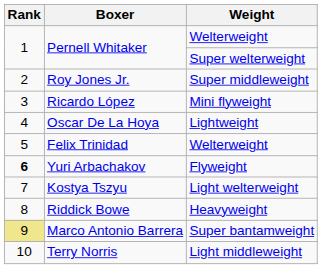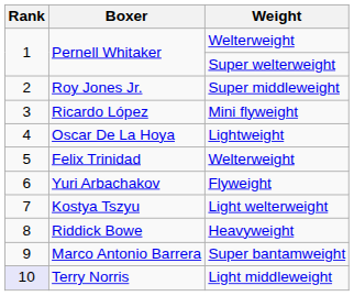 <table class="wikitable ">
 <tr>
 <th>Rank</th>
 <th>Boxer</th>
 <th>Weight</th>
 </tr>
 <tr>
 <td rowspan=2 align=center>1</td>
 <td rowspan=2><a href='#'>Pernell Whitaker</a></td>
 <td><a href='#'>Welterweight</a></td>
 </tr>
 <tr>
 <td><a href='#'>Super welterweight</a></td>
 </tr>
 <tr>
 <td align=center>2</td>
 <td><a href='#'>Roy Jones Jr.</a></td>
 <td><a href='#'>Super middleweight</a></td>
 </tr>
 <tr>
 <td align=center>3</td>
 <td><a href='#'>Ricardo López</a></td>
 <td><a href='#'>Mini flyweight</a></td>
 </tr>
 <tr>
 <td align=center>4</td>
 <td><a href='#'>Oscar De La Hoya</a></td>
 <td><a href='#'>Lightweight</a></td>
 </tr>
 <tr>
 <td align=center>5</td>
 <td><a href='#'>Felix Trinidad</a></td>
 <td><a href='#'>Welterweight</a></td>
 </tr>
 <tr>
-<td align=center><strong>6</strong></td>
+<td align=center>6</td>
 <td><a href='#'>Yuri Arbachakov</a></td>
 <td><a href='#'>Flyweight</a></td>
 </tr>
 <tr>
 <td align=center>7</td>
 <td><a href='#'>Kostya Tszyu</a></td>
 <td><a href='#'>Light welterweight</a></td>
 </tr>
 <tr>
 <td align=center>8</td>
 <td><a href='#'>Riddick Bowe</a></td>
 <td><a href='#'>Heavyweight</a></td>
 </tr>
 <tr>
-<td align=center style="background: khaki;">9</td>
+<td align=center>9</td>
 <td><a href='#'>Marco Antonio Barrera</a></td>
 <td><a href='#'>Super bantamweight</a></td>
 </tr>
 <tr>
-<td align=center>10</td>
+<td align=center style="background: lavender;">10</td>
 <td><a href='#'>Terry Norris</a></td>
 <td><a href='#'>Light middleweight</a></td>
 </tr>
 </table>
